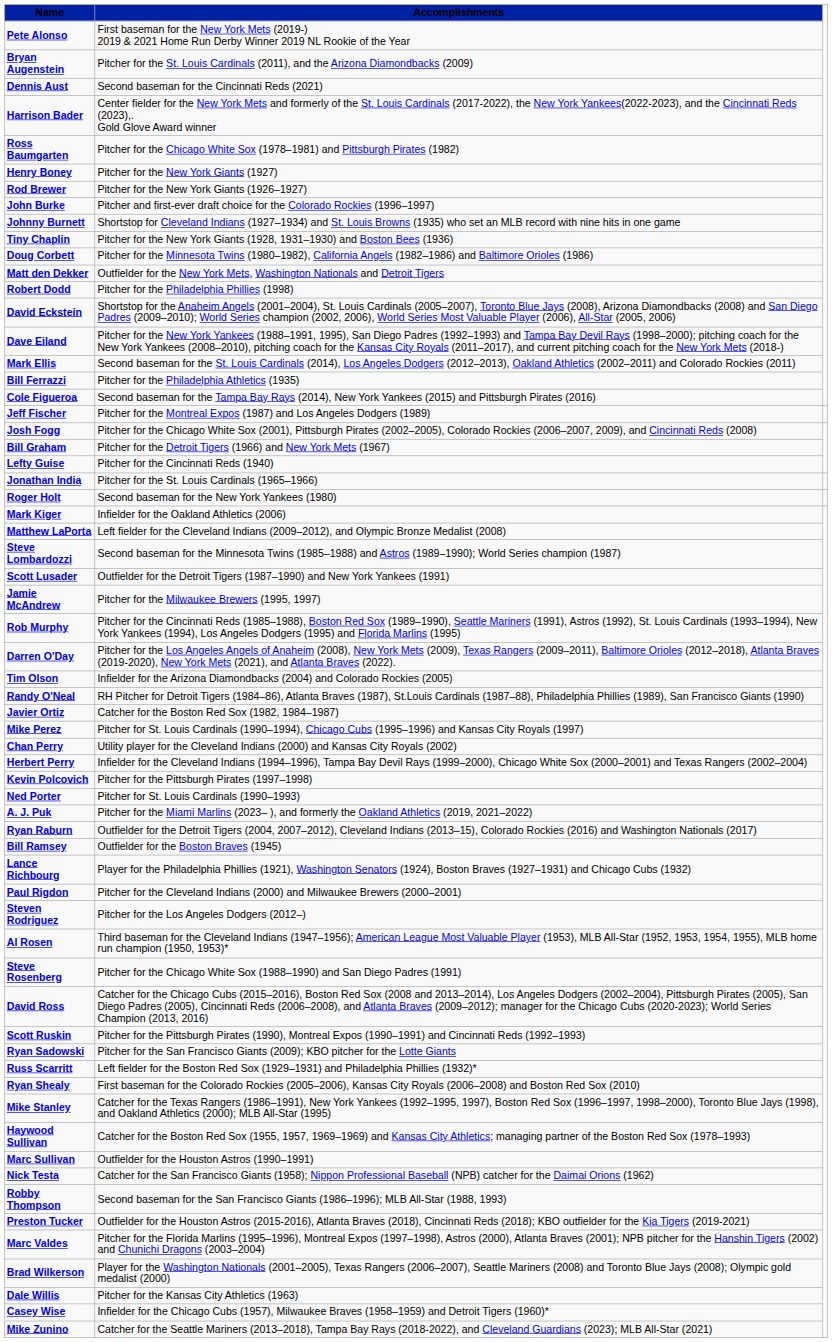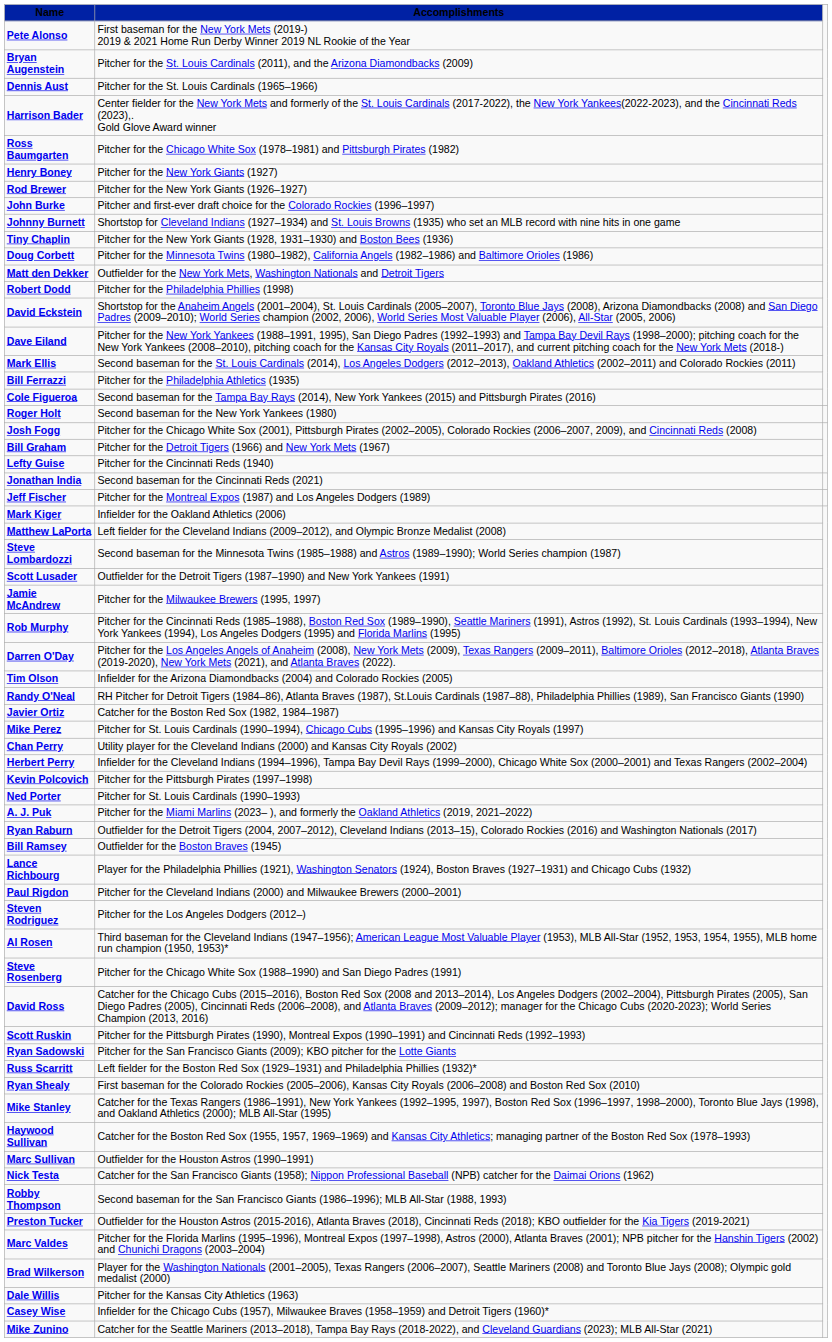 <table class="wikitable">
 <tr>
 <th width=130 style="background:#0021A4;"><span> Name</span></th>
 <th style="background:#0021A4;"><span> Accomplishments</span></th>
 </tr>
 <tr>
 <td><strong><a href='#'>Pete Alonso</a></strong></td>
 <td>First baseman for the <a href='#'>New York Mets</a> (2019-)<br>2019 & 2021 Home Run Derby Winner 2019 NL Rookie of the Year</td>
 </tr>
 <tr>
 <td><strong><a href='#'>Bryan Augenstein</a></strong></td>
 <td>Pitcher for the <a href='#'>St. Louis Cardinals</a> (2011), and the <a href='#'>Arizona Diamondbacks</a> (2009)</td>
 </tr>
 <tr>
 <td><strong><a href='#'>Dennis Aust</a></strong></td>
-<td>Second baseman for the Cincinnati Reds (2021)</td>
+<td>Pitcher for the St. Louis Cardinals (1965–1966)</td>
 </tr>
 <tr>
 <td><strong><a href='#'>Harrison Bader</a></strong></td>
 <td>Center fielder for the <a href='#'>New York Mets</a> and formerly of the <a href='#'>St. Louis Cardinals</a> (2017-2022), the <a href='#'>New York Yankees</a>(2022-2023), and the <a href='#'>Cincinnati Reds</a> (2023),.<br>Gold Glove Award winner</td>
 </tr>
 <tr>
 <td><strong><a href='#'>Ross Baumgarten</a></strong></td>
 <td>Pitcher for the <a href='#'>Chicago White Sox</a> (1978–1981) and <a href='#'>Pittsburgh Pirates</a> (1982)</td>
 </tr>
 <tr>
 <td><strong><a href='#'>Henry Boney</a></strong></td>
 <td>Pitcher for the <a href='#'>New York Giants</a> (1927)</td>
 </tr>
 <tr>
 <td><strong><a href='#'>Rod Brewer</a></strong></td>
 <td>Pitcher for the New York Giants (1926–1927)</td>
 </tr>
 <tr>
 <td><strong><a href='#'>John Burke</a></strong></td>
 <td>Pitcher and first-ever draft choice for the <a href='#'>Colorado Rockies</a> (1996–1997)</td>
 </tr>
 <tr>
 <td><strong><a href='#'>Johnny Burnett</a></strong></td>
 <td>Shortstop for <a href='#'>Cleveland Indians</a> (1927–1934) and <a href='#'>St. Louis Browns</a> (1935) who set an MLB record with nine hits in one game</td>
 </tr>
 <tr>
 <td><strong><a href='#'>Tiny Chaplin</a></strong></td>
 <td>Pitcher for the New York Giants (1928, 1931–1930) and <a href='#'>Boston Bees</a> (1936)</td>
 </tr>
 <tr>
 <td><strong><a href='#'>Doug Corbett</a></strong></td>
 <td>Pitcher for the <a href='#'>Minnesota Twins</a> (1980–1982), <a href='#'>California Angels</a> (1982–1986) and <a href='#'>Baltimore Orioles</a> (1986)</td>
 </tr>
 <tr>
 <td><strong><a href='#'>Matt den Dekker</a></strong></td>
 <td>Outfielder for the <a href='#'>New York Mets</a>, <a href='#'>Washington Nationals</a>   and <a href='#'>Detroit Tigers</a></td>
 </tr>
 <tr>
 <td><strong><a href='#'>Robert Dodd</a></strong></td>
 <td>Pitcher for the <a href='#'>Philadelphia Phillies</a> (1998)</td>
 </tr>
 <tr>
 <td><strong><a href='#'>David Eckstein</a></strong></td>
 <td>Shortstop for the <a href='#'>Anaheim Angels</a> (2001–2004), St. Louis Cardinals (2005–2007), <a href='#'>Toronto Blue Jays</a> (2008), Arizona Diamondbacks (2008) and <a href='#'>San Diego Padres</a> (2009–2010); <a href='#'>World Series</a> champion (2002, 2006), <a href='#'>World Series Most Valuable Player</a> (2006), <a href='#'>All-Star</a> (2005, 2006)</td>
 </tr>
 <tr>
 <td><strong><a href='#'>Dave Eiland</a></strong></td>
 <td>Pitcher for the <a href='#'>New York Yankees</a> (1988–1991, 1995), San Diego Padres (1992–1993) and <a href='#'>Tampa Bay Devil Rays</a> (1998–2000); pitching coach for the New York Yankees (2008–2010), pitching coach for the <a href='#'>Kansas City Royals</a> (2011–2017), and current pitching coach for the <a href='#'>New York Mets</a> (2018-)</td>
 </tr>
 <tr>
 <td><strong><a href='#'>Mark Ellis</a></strong></td>
 <td>Second baseman for the <a href='#'>St. Louis Cardinals</a> (2014), <a href='#'>Los Angeles Dodgers</a> (2012–2013), <a href='#'>Oakland Athletics</a> (2002–2011) and Colorado Rockies (2011)</td>
 </tr>
 <tr>
 <td><strong><a href='#'>Bill Ferrazzi</a></strong></td>
 <td>Pitcher for the <a href='#'>Philadelphia Athletics</a> (1935)</td>
 </tr>
 <tr>
 <td><strong><a href='#'>Cole Figueroa</a></strong></td>
 <td>Second baseman for the <a href='#'>Tampa Bay Rays</a> (2014), New York Yankees (2015) and Pittsburgh Pirates (2016)</td>
 </tr>
 <tr>
-<td><strong><a href='#'>Jeff Fischer</a></strong></td>
-<td>Pitcher for the <a href='#'>Montreal Expos</a> (1987) and Los Angeles Dodgers (1989)</td>
+<td><strong><a href='#'>Roger Holt</a></strong></td>
+<td>Second baseman for the New York Yankees (1980)</td>
 <td></td>
 </tr>
 <tr>
 <td><strong><a href='#'>Josh Fogg</a></strong></td>
 <td>Pitcher for the Chicago White Sox (2001), Pittsburgh Pirates (2002–2005), Colorado Rockies (2006–2007, 2009),  and <a href='#'>Cincinnati Reds</a> (2008)</td>
 </tr>
 <tr>
 <td><strong><a href='#'>Bill Graham</a></strong></td>
 <td>Pitcher for the <a href='#'>Detroit Tigers</a> (1966) and <a href='#'>New York Mets</a> (1967)</td>
 </tr>
 <tr>
 <td><strong><a href='#'>Lefty Guise</a></strong></td>
 <td>Pitcher for the Cincinnati Reds (1940)</td>
 </tr>
 <tr>
 <td><strong><a href='#'>Jonathan India</a></strong></td>
-<td>Pitcher for the St. Louis Cardinals (1965–1966)</td>
+<td>Second baseman for the Cincinnati Reds (2021)</td>
 <td></td>
 </tr>
 <tr>
-<td><strong><a href='#'>Roger Holt</a></strong></td>
-<td>Second baseman for the New York Yankees (1980)</td>
+<td><strong><a href='#'>Jeff Fischer</a></strong></td>
+<td>Pitcher for the <a href='#'>Montreal Expos</a> (1987) and Los Angeles Dodgers (1989)</td>
 <td></td>
 </tr>
 <tr>
 <td><strong><a href='#'>Mark Kiger</a></strong></td>
 <td>Infielder for the Oakland Athletics (2006)</td>
 </tr>
 <tr>
 <td><strong><a href='#'>Matthew LaPorta</a></strong></td>
 <td>Left fielder for the Cleveland Indians (2009–2012), and Olympic Bronze Medalist (2008)</td>
 </tr>
 <tr>
 <td><strong><a href='#'>Steve Lombardozzi</a></strong></td>
 <td>Second baseman for the Minnesota Twins (1985–1988) and <a href='#'>Astros</a> (1989–1990); World Series champion (1987)</td>
 </tr>
 <tr>
 <td><strong><a href='#'>Scott Lusader</a></strong></td>
 <td>Outfielder for the Detroit Tigers (1987–1990) and New York Yankees (1991)</td>
 </tr>
 <tr>
 <td><strong><a href='#'>Jamie McAndrew</a></strong></td>
 <td>Pitcher for the <a href='#'>Milwaukee Brewers</a> (1995, 1997)</td>
 </tr>
 <tr>
 <td><strong><a href='#'>Rob Murphy</a></strong></td>
 <td>Pitcher for the Cincinnati Reds (1985–1988), <a href='#'>Boston Red Sox</a> (1989–1990), <a href='#'>Seattle Mariners</a> (1991),  Astros (1992), St. Louis Cardinals (1993–1994), New York Yankees (1994), Los Angeles Dodgers (1995) and <a href='#'>Florida Marlins</a> (1995)</td>
 </tr>
 <tr>
 <td><strong><a href='#'>Darren O'Day</a></strong></td>
 <td>Pitcher for the  <a href='#'>Los Angeles Angels of Anaheim</a> (2008), <a href='#'>New York Mets</a> (2009), <a href='#'>Texas Rangers</a> (2009–2011), <a href='#'>Baltimore Orioles</a> (2012–2018), <a href='#'>Atlanta Braves</a> (2019-2020), <a href='#'>New York Mets</a> (2021), and <a href='#'>Atlanta Braves</a> (2022).</td>
 </tr>
 <tr>
 <td><strong><a href='#'>Tim Olson</a></strong></td>
 <td>Infielder for the Arizona Diamondbacks (2004) and Colorado Rockies (2005)</td>
 </tr>
 <tr>
 <td><strong><a href='#'>Randy O'Neal</a></strong></td>
 <td>RH Pitcher for Detroit Tigers (1984–86), Atlanta  Braves (1987), St.Louis Cardinals (1987–88), Philadelphia Phillies (1989), San Francisco Giants (1990)</td>
 </tr>
 <tr>
 <td><strong><a href='#'>Javier Ortiz</a></strong></td>
 <td>Catcher for the Boston Red Sox (1982, 1984–1987)</td>
 </tr>
 <tr>
 <td><strong><a href='#'>Mike Perez</a></strong></td>
 <td>Pitcher for St. Louis Cardinals (1990–1994), <a href='#'>Chicago Cubs</a> (1995–1996) and Kansas City Royals (1997)</td>
 </tr>
 <tr>
 <td><strong><a href='#'>Chan Perry</a></strong></td>
 <td>Utility player for the Cleveland Indians (2000) and Kansas City Royals (2002)</td>
 </tr>
 <tr>
 <td><strong><a href='#'>Herbert Perry</a></strong></td>
 <td>Infielder for the Cleveland Indians (1994–1996), Tampa Bay Devil Rays (1999–2000), Chicago White Sox (2000–2001) and Texas Rangers (2002–2004)</td>
 </tr>
 <tr>
 <td><strong><a href='#'>Kevin Polcovich</a></strong></td>
 <td>Pitcher for the Pittsburgh Pirates (1997–1998)</td>
 </tr>
 <tr>
 <td><strong><a href='#'>Ned Porter</a></strong></td>
 <td>Pitcher for St. Louis Cardinals (1990–1993)</td>
 </tr>
 <tr>
 <td><strong><a href='#'>A. J. Puk</a></strong></td>
 <td>Pitcher for the <a href='#'>Miami Marlins</a> (2023– ), and formerly the <a href='#'>Oakland Athletics</a> (2019, 2021–2022)</td>
 </tr>
 <tr>
 <td><strong><a href='#'>Ryan Raburn</a></strong></td>
 <td>Outfielder for the Detroit Tigers (2004, 2007–2012), Cleveland Indians (2013–15), Colorado Rockies (2016) and Washington Nationals (2017)</td>
 </tr>
 <tr>
 <td><strong><a href='#'>Bill Ramsey</a></strong></td>
 <td>Outfielder for the <a href='#'>Boston Braves</a> (1945)</td>
 </tr>
 <tr>
 <td><strong><a href='#'>Lance Richbourg</a></strong></td>
 <td>Player for the Philadelphia Phillies (1921), <a href='#'>Washington Senators</a> (1924), Boston Braves (1927–1931) and Chicago Cubs (1932)</td>
 </tr>
 <tr>
 <td><strong><a href='#'>Paul Rigdon</a></strong></td>
 <td>Pitcher for the Cleveland Indians (2000) and Milwaukee Brewers (2000–2001)</td>
 </tr>
 <tr>
 <td><strong><a href='#'>Steven Rodriguez</a></strong></td>
 <td>Pitcher for the Los Angeles Dodgers (2012–)</td>
 </tr>
 <tr>
 <td><strong><a href='#'>Al Rosen</a></strong></td>
 <td>Third baseman for the Cleveland Indians (1947–1956); <a href='#'>American League Most Valuable Player</a> (1953), MLB All-Star (1952, 1953, 1954, 1955), MLB home run champion (1950, 1953)*</td>
 </tr>
 <tr>
 <td><strong><a href='#'>Steve Rosenberg</a></strong></td>
 <td>Pitcher for the Chicago White Sox (1988–1990) and San Diego Padres (1991)</td>
 </tr>
 <tr>
 <td><strong><a href='#'>David Ross</a></strong></td>
 <td>Catcher for the Chicago Cubs (2015–2016), Boston Red Sox (2008 and 2013–2014),  Los Angeles Dodgers (2002–2004), Pittsburgh Pirates (2005), San Diego Padres (2005), Cincinnati Reds (2006–2008), and <a href='#'>Atlanta Braves</a> (2009–2012); manager for the Chicago Cubs (2020-2023); World Series Champion (2013, 2016)</td>
 </tr>
 <tr>
 <td><strong><a href='#'>Scott Ruskin</a></strong></td>
 <td>Pitcher for the Pittsburgh Pirates (1990), Montreal Expos (1990–1991) and Cincinnati Reds (1992–1993)</td>
 </tr>
 <tr>
 <td><strong><a href='#'>Ryan Sadowski</a></strong></td>
 <td>Pitcher for the San Francisco Giants (2009); KBO pitcher for the <a href='#'>Lotte Giants</a></td>
 </tr>
 <tr>
 <td><strong><a href='#'>Russ Scarritt</a></strong></td>
 <td>Left fielder for the Boston Red Sox (1929–1931) and Philadelphia Phillies (1932)*</td>
 </tr>
 <tr>
 <td><strong><a href='#'>Ryan Shealy</a></strong></td>
 <td>First baseman for the Colorado Rockies (2005–2006), Kansas City Royals (2006–2008) and Boston Red Sox (2010)</td>
 </tr>
 <tr>
 <td><strong><a href='#'>Mike Stanley</a></strong></td>
 <td>Catcher for the Texas Rangers (1986–1991), New York Yankees (1992–1995, 1997), Boston Red Sox (1996–1997, 1998–2000), Toronto Blue Jays (1998), and Oakland Athletics (2000); MLB All-Star (1995)</td>
 </tr>
 <tr>
 <td><strong><a href='#'>Haywood Sullivan</a></strong></td>
 <td>Catcher for the Boston Red Sox (1955, 1957, 1969–1969) and <a href='#'>Kansas City Athletics</a>; managing partner of the Boston Red Sox (1978–1993)</td>
 </tr>
 <tr>
 <td><strong><a href='#'>Marc Sullivan</a></strong></td>
 <td>Outfielder for the Houston Astros (1990–1991)</td>
 </tr>
 <tr>
 <td><strong><a href='#'>Nick Testa</a></strong></td>
 <td>Catcher for the San Francisco Giants (1958); <a href='#'>Nippon Professional Baseball</a> (NPB) catcher for the <a href='#'>Daimai Orions</a> (1962)</td>
 </tr>
 <tr>
 <td><strong><a href='#'>Robby Thompson</a></strong></td>
 <td>Second baseman for the San Francisco Giants (1986–1996); MLB All-Star (1988, 1993)</td>
 </tr>
 <tr>
 <td><strong><a href='#'>Preston Tucker</a></strong></td>
 <td>Outfielder for the Houston Astros (2015-2016), Atlanta Braves (2018), Cincinnati Reds (2018); KBO outfielder for the <a href='#'>Kia Tigers</a> (2019-2021)</td>
 </tr>
 <tr>
 <td><strong><a href='#'>Marc Valdes</a></strong></td>
 <td>Pitcher for the Florida Marlins (1995–1996), Montreal Expos (1997–1998),  Astros (2000), Atlanta Braves (2001); NPB pitcher for the <a href='#'>Hanshin Tigers</a> (2002) and <a href='#'>Chunichi Dragons</a> (2003–2004)</td>
 </tr>
 <tr>
 <td><strong><a href='#'>Brad Wilkerson</a></strong></td>
 <td>Player for the <a href='#'>Washington Nationals</a> (2001–2005), Texas Rangers (2006–2007), Seattle Mariners (2008) and Toronto Blue Jays (2008); Olympic gold medalist (2000)</td>
 </tr>
 <tr>
 <td><strong><a href='#'>Dale Willis</a></strong></td>
 <td>Pitcher for the Kansas City Athletics (1963)</td>
 </tr>
 <tr>
 <td><strong><a href='#'>Casey Wise</a></strong></td>
 <td>Infielder for the Chicago Cubs (1957), Milwaukee Braves (1958–1959) and Detroit Tigers (1960)*</td>
 </tr>
 <tr>
 <td><strong><a href='#'>Mike Zunino</a></strong></td>
 <td>Catcher for the Seattle Mariners (2013–2018), Tampa Bay Rays (2018-2022), and <a href='#'>Cleveland Guardians</a> (2023); MLB All-Star (2021)</td>
 </tr>
 </table>
